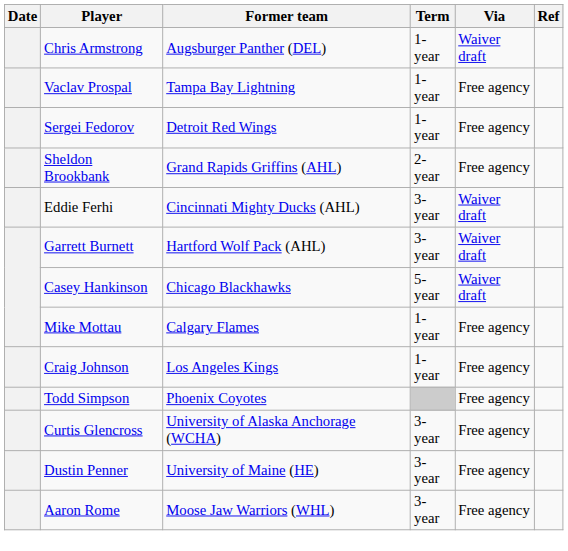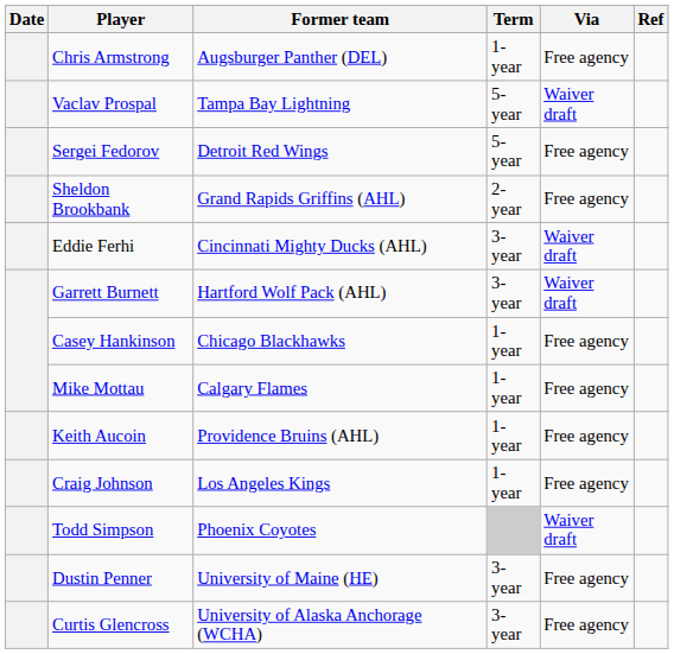 <table class="wikitable plainrowheaders">
 <tr style="background:#ddd; text-align:center;">
 <th>Date</th>
 <th>Player</th>
 <th>Former team</th>
 <th>Term</th>
 <th>Via</th>
 <th>Ref</th>
 </tr>
 <tr>
 <th scope="row"></th>
 <td><a href='#'>Chris Armstrong</a></td>
 <td><a href='#'>Augsburger Panther</a> (<a href='#'>DEL</a>)</td>
 <td>1-year</td>
-<td><a href='#'>Waiver draft</a></td>
+<td>Free agency</td>
 <td></td>
 </tr>
 <tr>
 <th scope="row"></th>
 <td><a href='#'>Vaclav Prospal</a></td>
 <td><a href='#'>Tampa Bay Lightning</a></td>
-<td>1-year</td>
-<td>Free agency</td>
+<td>5-year</td>
+<td><a href='#'>Waiver draft</a></td>
 <td></td>
 </tr>
 <tr>
 <th scope="row"></th>
 <td><a href='#'>Sergei Fedorov</a></td>
 <td><a href='#'>Detroit Red Wings</a></td>
-<td>1-year</td>
+<td>5-year</td>
 <td>Free agency</td>
 <td></td>
 </tr>
 <tr>
 <th scope="row"></th>
 <td><a href='#'>Sheldon Brookbank</a></td>
 <td><a href='#'>Grand Rapids Griffins</a> (<a href='#'>AHL</a>)</td>
 <td>2-year</td>
 <td>Free agency</td>
 <td></td>
 </tr>
 <tr>
 <th scope="row"></th>
 <td>Eddie Ferhi</td>
 <td><a href='#'>Cincinnati Mighty Ducks</a> (AHL)</td>
 <td>3-year</td>
 <td><a href='#'>Waiver draft</a></td>
 <td></td>
 </tr>
 <tr>
 <th scope="row" rowspan=3></th>
 <td><a href='#'>Garrett Burnett</a></td>
 <td><a href='#'>Hartford Wolf Pack</a> (AHL)</td>
 <td>3-year</td>
 <td><a href='#'>Waiver draft</a></td>
 <td></td>
 </tr>
 <tr>
 <td><a href='#'>Casey Hankinson</a></td>
 <td><a href='#'>Chicago Blackhawks</a></td>
-<td>5-year</td>
-<td><a href='#'>Waiver draft</a></td>
+<td>1-year</td>
+<td>Free agency</td>
 <td></td>
 </tr>
 <tr>
 <td><a href='#'>Mike Mottau</a></td>
 <td><a href='#'>Calgary Flames</a></td>
+<td>1-year</td>
+<td>Free agency</td>
+<td></td>
+</tr>
+<tr>
+<th scope="row"></th>
+<td><a href='#'>Keith Aucoin</a></td>
+<td><a href='#'>Providence Bruins</a> (AHL)</td>
 <td>1-year</td>
 <td>Free agency</td>
 <td></td>
 </tr>
 <tr>
 <th scope="row"></th>
 <td><a href='#'>Craig Johnson</a></td>
 <td><a href='#'>Los Angeles Kings</a></td>
 <td>1-year</td>
 <td>Free agency</td>
 <td></td>
 </tr>
 <tr>
 <th scope="row"></th>
 <td><a href='#'>Todd Simpson</a></td>
 <td><a href='#'>Phoenix Coyotes</a></td>
 <td style="background:#ccc"></td>
-<td>Free agency</td>
-<td></td>
-</tr>
-<tr>
-<th scope="row"></th>
-<td><a href='#'>Curtis Glencross</a></td>
-<td><a href='#'>University of Alaska Anchorage</a> (<a href='#'>WCHA</a>)</td>
-<td>3-year</td>
-<td>Free agency</td>
+<td><a href='#'>Waiver draft</a></td>
 <td></td>
 </tr>
 <tr>
 <th scope="row"></th>
 <td><a href='#'>Dustin Penner</a></td>
 <td><a href='#'>University of Maine</a> (<a href='#'>HE</a>)</td>
 <td>3-year</td>
 <td>Free agency</td>
 <td></td>
 </tr>
 <tr>
 <th scope="row"></th>
-<td><a href='#'>Aaron Rome</a></td>
-<td><a href='#'>Moose Jaw Warriors</a> (<a href='#'>WHL</a>)</td>
+<td><a href='#'>Curtis Glencross</a></td>
+<td><a href='#'>University of Alaska Anchorage</a> (<a href='#'>WCHA</a>)</td>
 <td>3-year</td>
 <td>Free agency</td>
 <td></td>
 </tr>
 </table>
